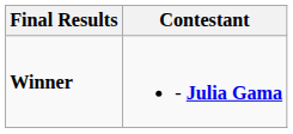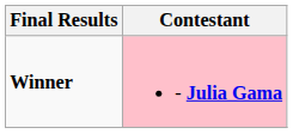 <table class="wikitable">
 <tr>
 <th>Final Results</th>
 <th>Contestant</th>
 </tr>
 <tr>
 <td><strong>Winner</strong></td>
-<td><br><ul><li><strong></strong> - <strong><a href='#'>Julia Gama</a></strong></li></ul></td>
+<td style="background: pink;"><br><ul><li><strong></strong> - <strong><a href='#'>Julia Gama</a></strong></li></ul></td>
 </tr>
 <tr>
 </tr>
 </table>
